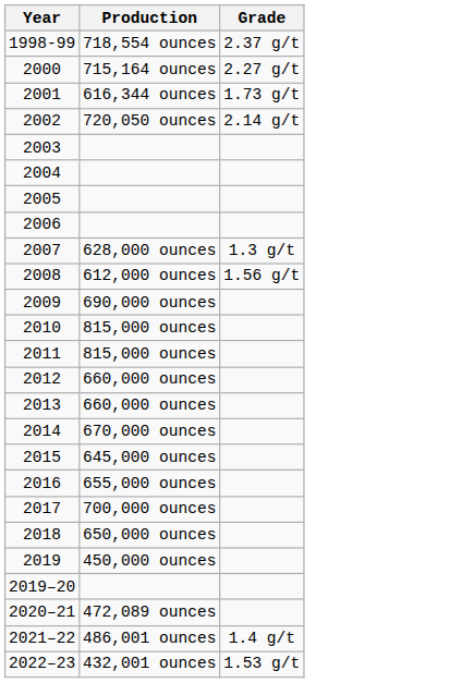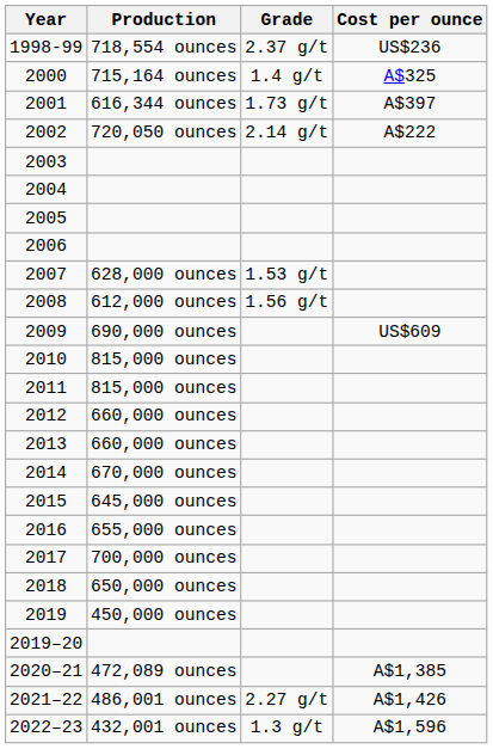 <table class="wikitable">
 <tr style="text-align:center;">
 <th>Year</th>
 <th>Production</th>
 <th>Grade</th>
+<th>Cost per ounce</th>
 </tr>
 <tr style="text-align:center;">
 <td>1998-99</td>
 <td>718,554 ounces</td>
 <td>2.37 g/t</td>
+<td>US$236</td>
 </tr>
 <tr style="text-align:center;">
 <td>2000</td>
 <td>715,164 ounces</td>
-<td>2.27 g/t</td>
+<td>1.4 g/t</td>
+<td><a href='#'>A$</a>325</td>
 </tr>
 <tr style="text-align:center;">
 <td>2001</td>
 <td>616,344 ounces</td>
 <td>1.73 g/t</td>
+<td>A$397</td>
 </tr>
 <tr style="text-align:center;">
 <td>2002</td>
 <td>720,050 ounces</td>
 <td>2.14 g/t</td>
+<td>A$222</td>
 </tr>
 <tr style="text-align:center;">
 <td>2003</td>
+<td></td>
 <td></td>
 <td></td>
 </tr>
 <tr style="text-align:center;">
 <td>2004</td>
 <td></td>
 <td></td>
+<td></td>
 </tr>
 <tr style="text-align:center;">
 <td>2005</td>
+<td></td>
 <td></td>
 <td></td>
 </tr>
 <tr style="text-align:center;">
 <td>2006</td>
 <td></td>
 <td></td>
+<td></td>
 </tr>
 <tr style="text-align:center;">
 <td>2007</td>
 <td>628,000 ounces</td>
-<td>1.3 g/t</td>
+<td>1.53 g/t</td>
+<td></td>
 </tr>
 <tr style="text-align:center;">
 <td>2008</td>
 <td>612,000 ounces</td>
 <td>1.56 g/t</td>
+<td></td>
 </tr>
 <tr style="text-align:center;">
 <td>2009</td>
 <td>690,000 ounces</td>
 <td></td>
+<td>US$609</td>
 </tr>
 <tr style="text-align:center;">
 <td>2010</td>
 <td>815,000 ounces</td>
+<td></td>
 <td></td>
 </tr>
 <tr style="text-align:center;">
 <td>2011</td>
 <td>815,000 ounces</td>
 <td></td>
+<td></td>
 </tr>
 <tr style="text-align:center;">
 <td>2012</td>
 <td>660,000 ounces</td>
+<td></td>
 <td></td>
 </tr>
 <tr style="text-align:center;">
 <td>2013</td>
 <td>660,000 ounces</td>
 <td></td>
+<td></td>
 </tr>
 <tr style="text-align:center;">
 <td>2014</td>
 <td>670,000 ounces</td>
+<td></td>
 <td></td>
 </tr>
 <tr style="text-align:center;">
 <td>2015</td>
 <td>645,000 ounces</td>
 <td></td>
+<td></td>
 </tr>
 <tr style="text-align:center;">
 <td>2016</td>
 <td>655,000 ounces</td>
+<td></td>
 <td></td>
 </tr>
 <tr style="text-align:center;">
 <td>2017</td>
 <td>700,000 ounces</td>
 <td></td>
+<td></td>
 </tr>
 <tr style="text-align:center;">
 <td>2018</td>
 <td>650,000 ounces</td>
+<td></td>
 <td></td>
 </tr>
 <tr style="text-align:center;">
 <td>2019</td>
 <td>450,000 ounces</td>
 <td></td>
+<td></td>
 </tr>
 <tr style="text-align:center;">
 <td>2019–20</td>
+<td></td>
 <td></td>
 <td></td>
 </tr>
 <tr style="text-align:center;">
 <td>2020–21</td>
 <td>472,089 ounces</td>
 <td></td>
+<td>A$1,385</td>
 </tr>
 <tr style="text-align:center;">
 <td>2021–22</td>
 <td>486,001 ounces</td>
-<td>1.4 g/t</td>
+<td>2.27 g/t</td>
+<td>A$1,426</td>
 </tr>
 <tr style="text-align:center;">
 <td>2022–23</td>
 <td>432,001 ounces</td>
-<td>1.53 g/t</td>
+<td>1.3 g/t</td>
+<td>A$1,596</td>
 </tr>
 </table>
